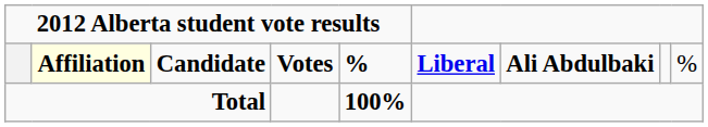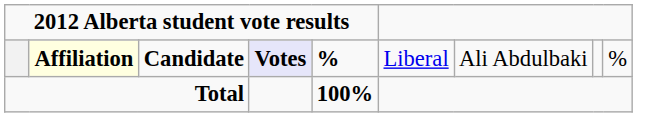 <table class="wikitable">
 <tr>
 <td colspan="5" align=center><strong>2012 Alberta student vote results</strong></td>
 </tr>
 <tr>
 <th style="width: 10px;"></th>
 <td style="background: lightyellow;"><strong>Affiliation</strong></td>
 <td><strong>Candidate</strong></td>
-<td><strong>Votes</strong></td>
+<td style="background: lavender;"><strong>Votes</strong></td>
 <td><strong>%</strong><br>  </td>
-<td><strong><a href='#'>Liberal</a></strong></td>
-<td><strong>Ali Abdulbaki</strong></td>
+<td><a href='#'>Liberal</a></td>
+<td>Ali Abdulbaki</td>
 <td></td>
 <td>%<br> </td>
 </tr>
 <tr>
 <td colspan="3" align="right"><strong>Total</strong></td>
 <td></td>
 <td><strong>100%</strong></td>
 </tr>
 </table>
